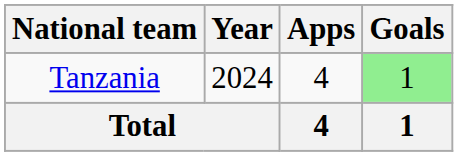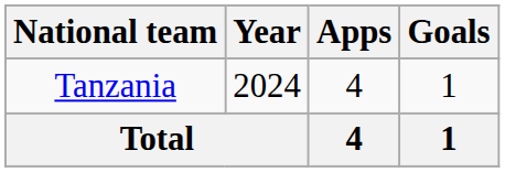 <table class="wikitable" style="text-align:center">
 <tr>
 <th>National team</th>
 <th>Year</th>
 <th>Apps</th>
 <th>Goals</th>
 </tr>
 <tr>
 <td rowspan="1"><a href='#'>Tanzania</a></td>
 <td>2024</td>
 <td>4</td>
-<td style="background: lightgreen;">1</td>
+<td>1</td>
 </tr>
 <tr>
 <th colspan="2">Total</th>
 <th>4</th>
 <th>1</th>
 </tr>
 </table>
